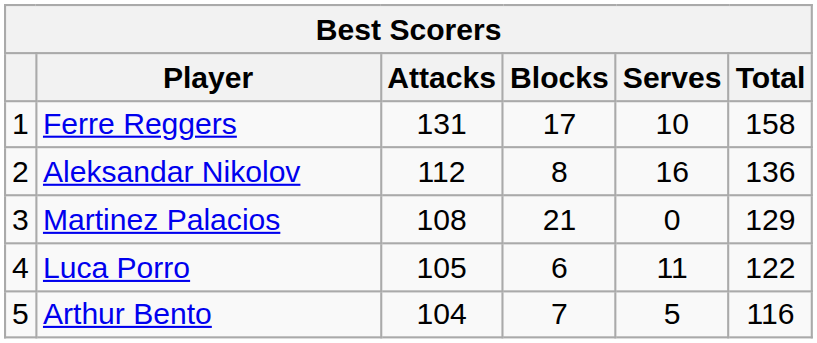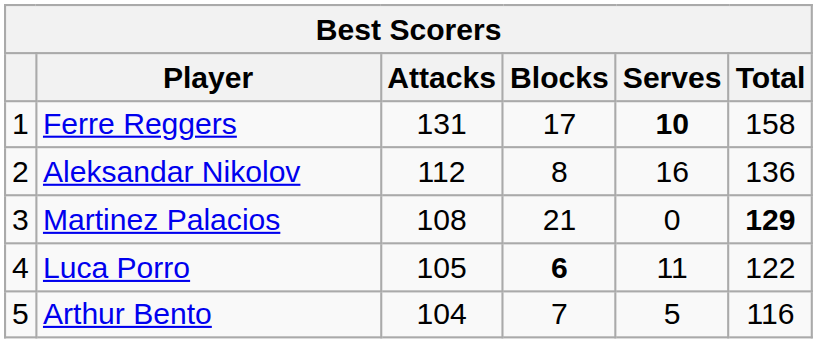 <table class="wikitable sortable" style=font-size:90%>
 <tr>
 <th colspan=6>Best Scorers</th>
 </tr>
 <tr>
 <th></th>
 <th width=158>Player</th>
 <th width=20>Attacks</th>
 <th width=20>Blocks</th>
 <th width=20>Serves</th>
 <th width=20>Total</th>
 </tr>
 <tr>
 <td>1</td>
 <td> <a href='#'>Ferre Reggers</a></td>
 <td align=center>131</td>
 <td align=center>17</td>
-<td align=center>10</td>
+<td align=center><strong>10</strong></td>
 <td align=center>158</td>
 </tr>
 <tr>
 <td>2</td>
 <td> <a href='#'>Aleksandar Nikolov</a></td>
 <td align=center>112</td>
 <td align=center>8</td>
 <td align=center>16</td>
 <td align=center>136</td>
 </tr>
 <tr>
 <td>3</td>
 <td> <a href='#'>Martinez Palacios</a></td>
 <td align=center>108</td>
 <td align=center>21</td>
 <td align=center>0</td>
-<td align=center>129</td>
+<td align=center><strong>129</strong></td>
 </tr>
 <tr>
 <td>4</td>
 <td> <a href='#'>Luca Porro</a></td>
 <td align=center>105</td>
-<td align=center>6</td>
+<td align=center><strong>6</strong></td>
 <td align=center>11</td>
 <td align=center>122</td>
 </tr>
 <tr>
 <td>5</td>
 <td> <a href='#'>Arthur Bento</a></td>
 <td align=center>104</td>
 <td align=center>7</td>
 <td align=center>5</td>
 <td align=center>116</td>
 </tr>
 </table>
